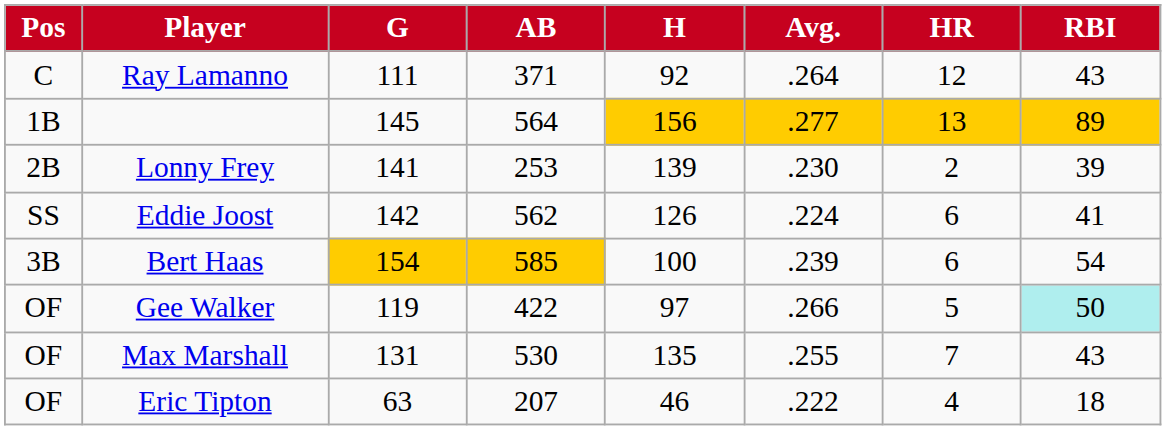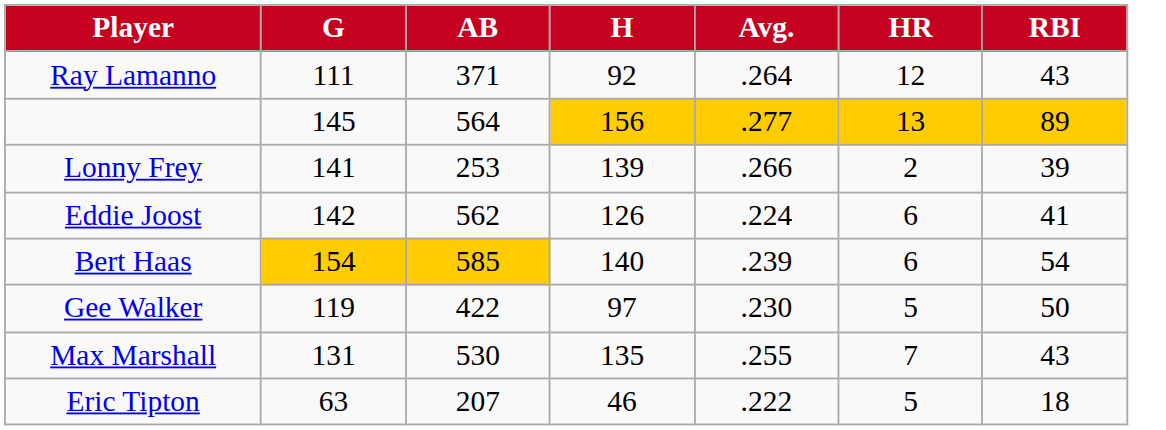 <table class="wikitable sortable">
 <tr>
-<th style="background:#C6011F;color:white;" width="5%">Pos</th>
 <th style="background:#C6011F;color:white;" width="16%">Player</th>
 <th style="background:#C6011F;color:white;" width="9%">G</th>
 <th style="background:#C6011F;color:white;" width="9%">AB</th>
 <th style="background:#C6011F;color:white;" width="9%">H</th>
 <th style="background:#C6011F;color:white;" width="9%">Avg.</th>
 <th style="background:#C6011F;color:white;" width="9%">HR</th>
 <th style="background:#C6011F;color:white;" width="9%">RBI</th>
 </tr>
 <tr align="center">
-<td>C</td>
 <td><a href='#'>Ray Lamanno</a></td>
 <td>111</td>
 <td>371</td>
 <td>92</td>
 <td>.264</td>
 <td>12</td>
 <td>43</td>
 </tr>
 <tr align="center">
-<td>1B</td>
 <td></td>
 <td>145</td>
 <td>564</td>
 <td style="background:#fc0;">156</td>
 <td style="background:#fc0;">.277</td>
 <td style="background:#fc0;">13</td>
 <td style="background:#fc0;">89</td>
 </tr>
 <tr align="center">
-<td>2B</td>
 <td><a href='#'>Lonny Frey</a></td>
 <td>141</td>
 <td>253</td>
 <td>139</td>
-<td>.230</td>
+<td>.266</td>
 <td>2</td>
 <td>39</td>
 </tr>
 <tr align="center">
-<td>SS</td>
 <td><a href='#'>Eddie Joost</a></td>
 <td>142</td>
 <td>562</td>
 <td>126</td>
 <td>.224</td>
 <td>6</td>
 <td>41</td>
 </tr>
 <tr align="center">
-<td>3B</td>
 <td><a href='#'>Bert Haas</a></td>
 <td style="background:#fc0;">154</td>
 <td style="background:#fc0;">585</td>
-<td>100</td>
+<td>140</td>
 <td>.239</td>
 <td>6</td>
 <td>54</td>
 </tr>
 <tr align="center">
-<td>OF</td>
 <td><a href='#'>Gee Walker</a></td>
 <td>119</td>
 <td>422</td>
 <td>97</td>
-<td>.266</td>
+<td>.230</td>
 <td>5</td>
-<td style="background: paleturquoise;">50</td>
+<td>50</td>
 </tr>
 <tr align="center">
-<td>OF</td>
 <td><a href='#'>Max Marshall</a></td>
 <td>131</td>
 <td>530</td>
 <td>135</td>
 <td>.255</td>
 <td>7</td>
 <td>43</td>
 </tr>
 <tr align="center">
-<td>OF</td>
 <td><a href='#'>Eric Tipton</a></td>
 <td>63</td>
 <td>207</td>
 <td>46</td>
 <td>.222</td>
-<td>4</td>
+<td>5</td>
 <td>18</td>
 </tr>
 </table>
